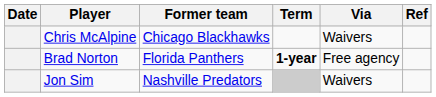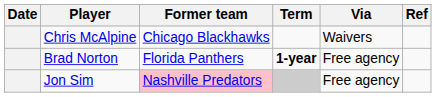 <table class="wikitable plainrowheaders">
 <tr style="background:#ddd; text-align:center;">
 <th>Date</th>
 <th>Player</th>
 <th>Former team</th>
 <th>Term</th>
 <th>Via</th>
 <th>Ref</th>
 </tr>
 <tr>
 <th scope="row"></th>
 <td><a href='#'>Chris McAlpine</a></td>
 <td><a href='#'>Chicago Blackhawks</a></td>
 <td></td>
 <td>Waivers</td>
 <td></td>
 </tr>
 <tr>
 <th scope="row"></th>
 <td><a href='#'>Brad Norton</a></td>
 <td><a href='#'>Florida Panthers</a></td>
 <td><strong>1-year</strong></td>
 <td>Free agency</td>
 <td></td>
 </tr>
 <tr>
 <th scope="row"></th>
 <td><a href='#'>Jon Sim</a></td>
-<td><a href='#'>Nashville Predators</a></td>
+<td style="background: pink;"><a href='#'>Nashville Predators</a></td>
 <td style="background:#ccc"></td>
-<td>Waivers</td>
+<td>Free agency</td>
 <td></td>
 </tr>
 </table>
